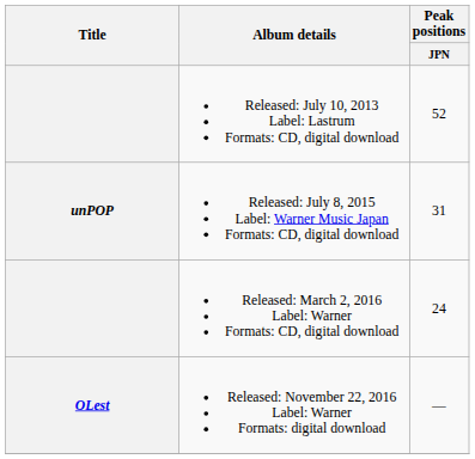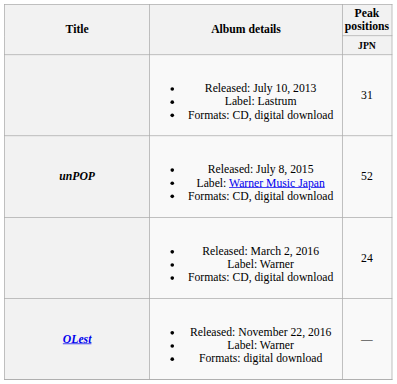 <table class="wikitable plainrowheaders" style="text-align:center;">
 <tr>
 <th style="width:12em;" rowspan="2">Title</th>
 <th style="width:16em;" rowspan="2">Album details</th>
 <th colspan="1">Peak positions</th>
 </tr>
 <tr>
 <th style="width:2.5em;"><small>JPN</small><br></th>
 </tr>
 <tr>
 <th scope="row"></th>
 <td><br><ul><li>Released: July 10, 2013 </li><li>Label: Lastrum</li><li>Formats: CD, digital download</li></ul></td>
-<td>52</td>
+<td>31</td>
 </tr>
 <tr>
 <th scope="row"><em>unPOP</em></th>
 <td><br><ul><li>Released: July 8, 2015 </li><li>Label: <a href='#'>Warner Music Japan</a></li><li>Formats: CD, digital download</li></ul></td>
-<td>31</td>
+<td>52</td>
 </tr>
 <tr>
 <th scope="row"></th>
 <td><br><ul><li>Released: March 2, 2016 </li><li>Label: Warner</li><li>Formats: CD, digital download</li></ul></td>
 <td>24</td>
 </tr>
 <tr>
 <th scope="row"><em><a href='#'>OLest</a></em></th>
 <td><br><ul><li>Released: November 22, 2016 </li><li>Label: Warner</li><li>Formats: digital download</li></ul></td>
 <td>—</td>
 </tr>
 <tr>
 </tr>
 </table>
